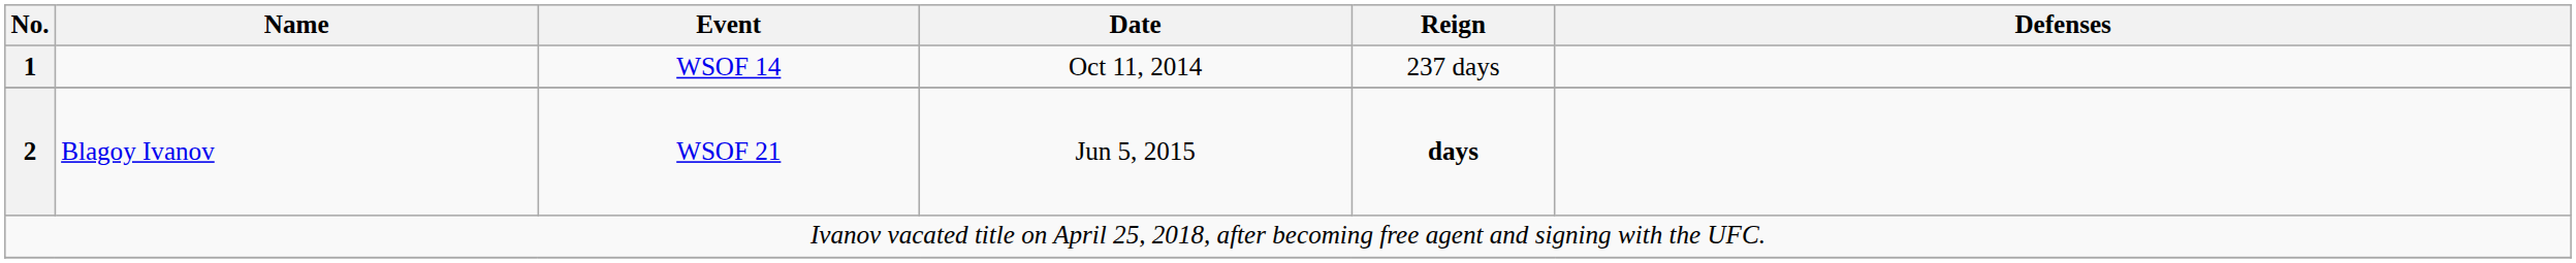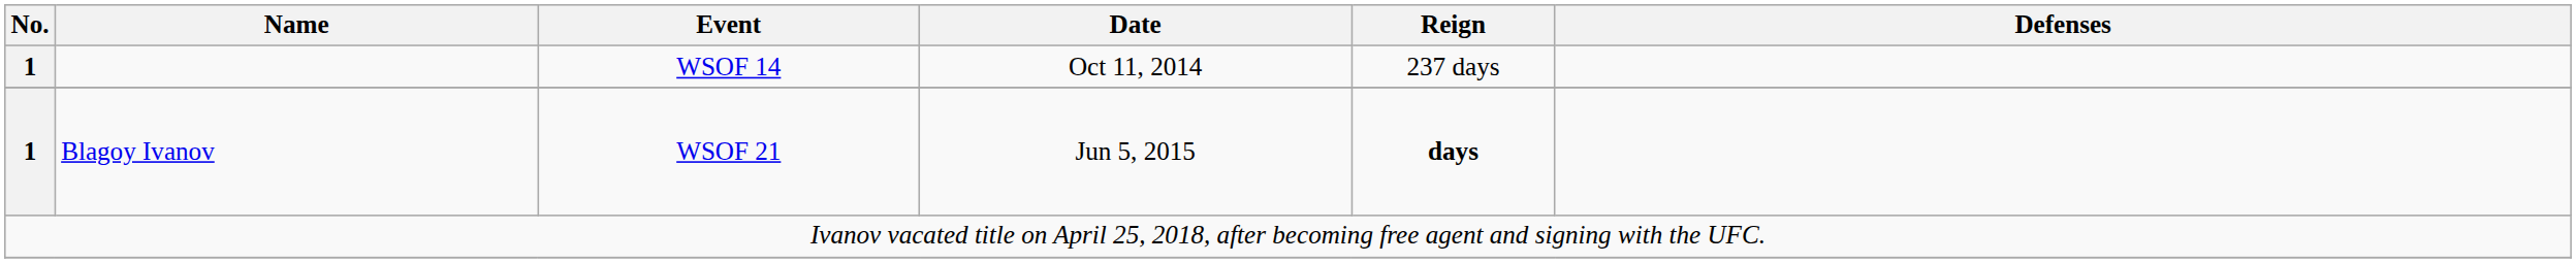 <table class="wikitable" width=100%>
 <tr>
 <th width=1%>No.</th>
 <th width=19%>Name</th>
 <th width=15%>Event</th>
 <th width=17%>Date</th>
 <th width=8%>Reign</th>
 <th width=40%>Defenses</th>
 </tr>
 <tr>
 <th>1</th>
 <td><br></td>
 <td align=center><a href='#'>WSOF 14</a><br></td>
 <td align=center>Oct 11, 2014</td>
 <td align=center>237 days</td>
 <td></td>
 </tr>
 <tr>
 </tr>
 <tr>
-<th>2</th>
+<th>1</th>
 <td> <a href='#'>Blagoy Ivanov</a></td>
 <td align=center><a href='#'>WSOF 21</a><br></td>
 <td align=center>Jun 5, 2015</td>
 <td align=center><strong> days<br></strong></td>
 <td><br><br> <br> <br> </td>
 </tr>
 <tr>
 <td align="center" colspan="6"><em>Ivanov vacated title on April 25, 2018, after becoming free agent and signing with the UFC.</em></td>
 </tr>
 <tr>
 </tr>
 <tr>
 </tr>
 </table>
